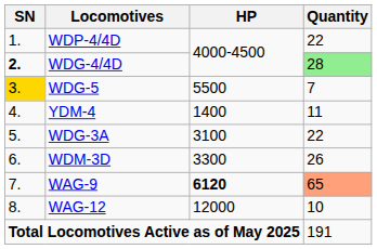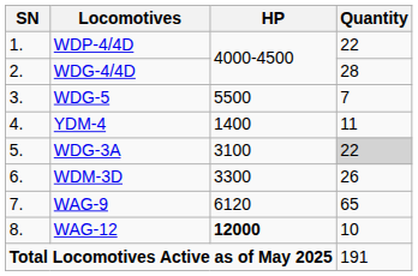 <table class="wikitable">
 <tr>
 <th>SN</th>
 <th>Locomotives</th>
 <th>HP</th>
 <th>Quantity</th>
 </tr>
 <tr>
 <td>1.</td>
 <td><a href='#'>WDP-4/4D</a></td>
 <td rowspan="2">4000-4500</td>
 <td>22</td>
 </tr>
 <tr>
-<td><strong>2.</strong></td>
+<td>2.</td>
 <td><a href='#'>WDG-4/4D</a></td>
-<td style="background: lightgreen;">28</td>
+<td>28</td>
 </tr>
 <tr>
-<td style="background: gold;">3.</td>
+<td>3.</td>
 <td><a href='#'>WDG-5</a></td>
 <td>5500</td>
 <td>7</td>
 </tr>
 <tr>
 <td>4.</td>
 <td><a href='#'>YDM-4</a></td>
 <td>1400</td>
 <td>11</td>
 </tr>
 <tr>
 <td>5.</td>
 <td><a href='#'>WDG-3A</a></td>
 <td>3100</td>
-<td>22</td>
+<td style="background: lightgrey;">22</td>
 </tr>
 <tr>
 <td>6.</td>
 <td><a href='#'>WDM-3D</a></td>
 <td>3300</td>
 <td>26</td>
 </tr>
 <tr>
 <td>7.</td>
 <td><a href='#'>WAG-9</a></td>
-<td><strong>6120</strong></td>
-<td style="background: lightsalmon;">65</td>
+<td>6120</td>
+<td>65</td>
 </tr>
 <tr>
 <td>8.</td>
 <td><a href='#'>WAG-12</a></td>
-<td>12000</td>
+<td><strong>12000</strong></td>
 <td>10</td>
 </tr>
 <tr>
 <td colspan="3"><strong>Total Locomotives Active as of May 2025</strong></td>
 <td>191</td>
 </tr>
 </table>
